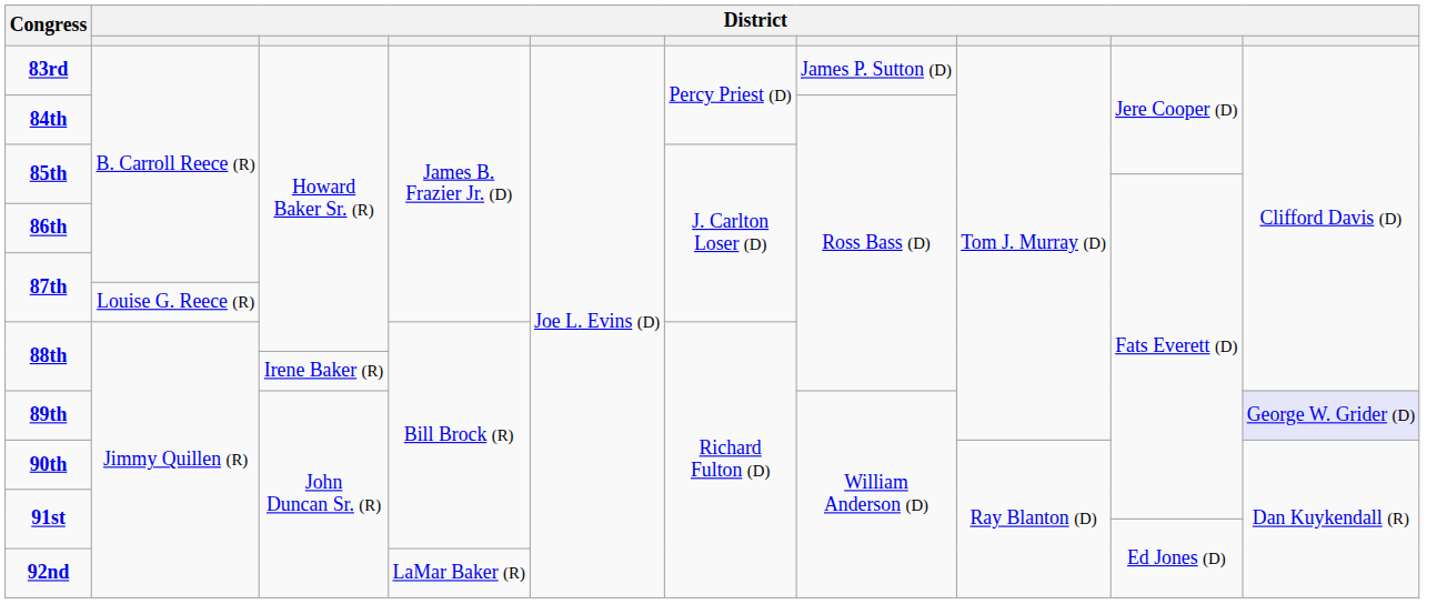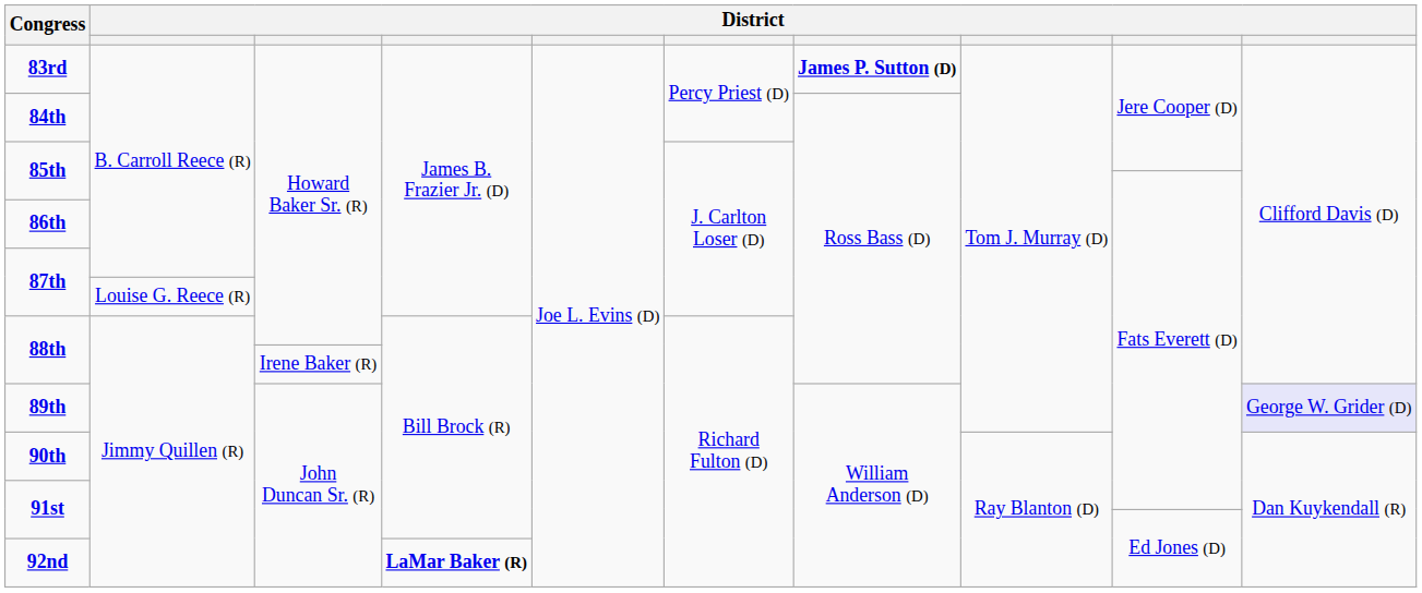 <table class=wikitable style="text-align:center">
 <tr>
 <th rowspan=2>Congress</th>
 <th colspan=9>District</th>
 </tr>
 <tr>
 <th></th>
 <th></th>
 <th></th>
 <th></th>
 <th></th>
 <th></th>
 <th></th>
 <th></th>
 <th></th>
 </tr>
 <tr style="height:2.5em">
 <td><strong><a href='#'>83rd</a></strong> </td>
 <td rowspan=6 ><a href='#'>B. Carroll Reece</a> <small>(R)</small></td>
 <td rowspan=8 ><a href='#'>Howard<br>Baker Sr.</a> <small>(R)</small></td>
 <td rowspan=7 ><a href='#'>James B.<br>Frazier Jr.</a> <small>(D)</small></td>
 <td rowspan=14 ><a href='#'>Joe L. Evins</a> <small>(D)</small></td>
 <td rowspan=2 ><a href='#'>Percy Priest</a> <small>(D)</small></td>
-<td><a href='#'>James P. Sutton</a> <small>(D)</small></td>
+<td><strong><a href='#'>James P. Sutton</a> <small>(D)</small></strong></td>
 <td rowspan=10 ><a href='#'>Tom J. Murray</a> <small>(D)</small></td>
 <td rowspan=3 ><a href='#'>Jere Cooper</a> <small>(D)</small></td>
 <td rowspan=9 ><a href='#'>Clifford Davis</a> <small>(D)</small></td>
 </tr>
 <tr style="height:2.5em">
 <td><strong><a href='#'>84th</a></strong> </td>
 <td rowspan=8 ><a href='#'>Ross Bass</a> <small>(D)</small></td>
 </tr>
 <tr style="height:1.5em">
 <td rowspan=2><strong><a href='#'>85th</a></strong> </td>
 <td rowspan=5 ><a href='#'>J. Carlton<br>Loser</a> <small>(D)</small></td>
 </tr>
 <tr style="height:1.5em">
 <td rowspan=9 ><a href='#'>Fats Everett</a> <small>(D)</small></td>
 </tr>
 <tr style="height:2.5em">
 <td><strong><a href='#'>86th</a></strong> </td>
 </tr>
 <tr style="height:1.5em">
 <td rowspan=2><strong><a href='#'>87th</a></strong> </td>
 </tr>
 <tr style="height:2em">
 <td><a href='#'>Louise G. Reece</a> <small>(R)</small></td>
 </tr>
 <tr style="height:1.5em">
 <td rowspan=2><strong><a href='#'>88th</a></strong> </td>
 <td rowspan=7 ><a href='#'>Jimmy Quillen</a> <small>(R)</small></td>
 <td rowspan=6 ><a href='#'>Bill Brock</a> <small>(R)</small></td>
 <td rowspan=7 ><a href='#'>Richard<br>Fulton</a> <small>(D)</small></td>
 </tr>
 <tr style="height:2em">
 <td><a href='#'>Irene Baker</a> <small>(R)</small></td>
 </tr>
 <tr style="height:2.5em">
 <td><strong><a href='#'>89th</a></strong> </td>
 <td rowspan=5 ><a href='#'>John<br>Duncan Sr.</a> <small>(R)</small></td>
 <td rowspan=5 ><a href='#'>William<br>Anderson</a> <small>(D)</small></td>
 <td style="background: lavender;"><a href='#'>George W. Grider</a> <small>(D)</small></td>
 </tr>
 <tr style="height:2.5em">
 <td><strong><a href='#'>90th</a></strong> </td>
 <td rowspan=4 ><a href='#'>Ray Blanton</a> <small>(D)</small></td>
 <td rowspan=4 ><a href='#'>Dan Kuykendall</a> <small>(R)</small></td>
 </tr>
 <tr style="height:1.5em">
 <td rowspan=2><strong><a href='#'>91st</a></strong> </td>
 </tr>
 <tr style="height:1.5em">
 <td rowspan=2 ><a href='#'>Ed Jones</a> <small>(D)</small></td>
 </tr>
 <tr style="height:2.5em">
 <td><strong><a href='#'>92nd</a></strong> </td>
-<td><a href='#'>LaMar Baker</a> <small>(R)</small></td>
+<td><strong><a href='#'>LaMar Baker</a> <small>(R)</small></strong></td>
 </tr>
 </table>
